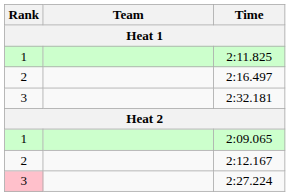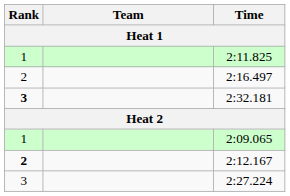 <table class=wikitable style="text-align:center">
 <tr>
 <th width=40>Rank</th>
 <th width=200>Team</th>
 <th width=80>Time</th>
 </tr>
 <tr>
 <th colspan=3>Heat 1</th>
 </tr>
 <tr bgcolor="#ccffcc">
 <td>1</td>
 <td align=left></td>
 <td>2:11.825</td>
 </tr>
 <tr>
 <td>2</td>
 <td align=left></td>
 <td>2:16.497</td>
 </tr>
 <tr>
-<td>3</td>
+<td><strong>3</strong></td>
 <td align=left></td>
 <td>2:32.181</td>
 </tr>
 <tr>
 <th colspan=3>Heat 2</th>
 </tr>
 <tr bgcolor="#ccffcc">
 <td>1</td>
 <td align=left></td>
 <td>2:09.065</td>
 </tr>
 <tr>
-<td>2</td>
+<td><strong>2</strong></td>
 <td align=left></td>
 <td>2:12.167</td>
 </tr>
 <tr>
-<td style="background: pink;">3</td>
+<td>3</td>
 <td align=left></td>
 <td>2:27.224</td>
 </tr>
 </table>
